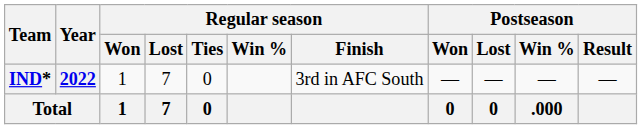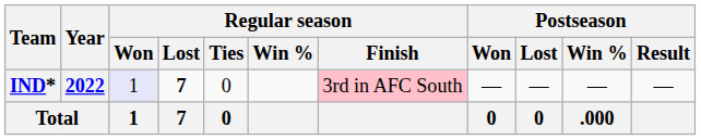 <table class="wikitable" style="font-size: 95%; text-align:center;">
 <tr>
 <th rowspan="2">Team</th>
 <th rowspan="2">Year</th>
 <th colspan="5">Regular season</th>
 <th colspan="4">Postseason</th>
 </tr>
 <tr>
 <th>Won</th>
 <th>Lost</th>
 <th>Ties</th>
 <th>Win %</th>
 <th>Finish</th>
 <th>Won</th>
 <th>Lost</th>
 <th>Win %</th>
 <th>Result</th>
 </tr>
 <tr>
 <th><a href='#'>IND</a>*</th>
 <th><a href='#'>2022</a></th>
-<td>1</td>
-<td>7</td>
+<td style="background: lavender;">1</td>
+<td><strong>7</strong></td>
 <td>0</td>
 <td></td>
-<td>3rd in AFC South</td>
+<td style="background: pink;">3rd in AFC South</td>
 <td>—</td>
 <td>—</td>
 <td>—</td>
 <td>—</td>
 </tr>
 <tr>
 <th colspan="2">Total</th>
 <th>1</th>
 <th>7</th>
 <th>0</th>
 <th></th>
 <th></th>
 <th>0</th>
 <th>0</th>
 <th>.000</th>
 <th></th>
 </tr>
 </table>
